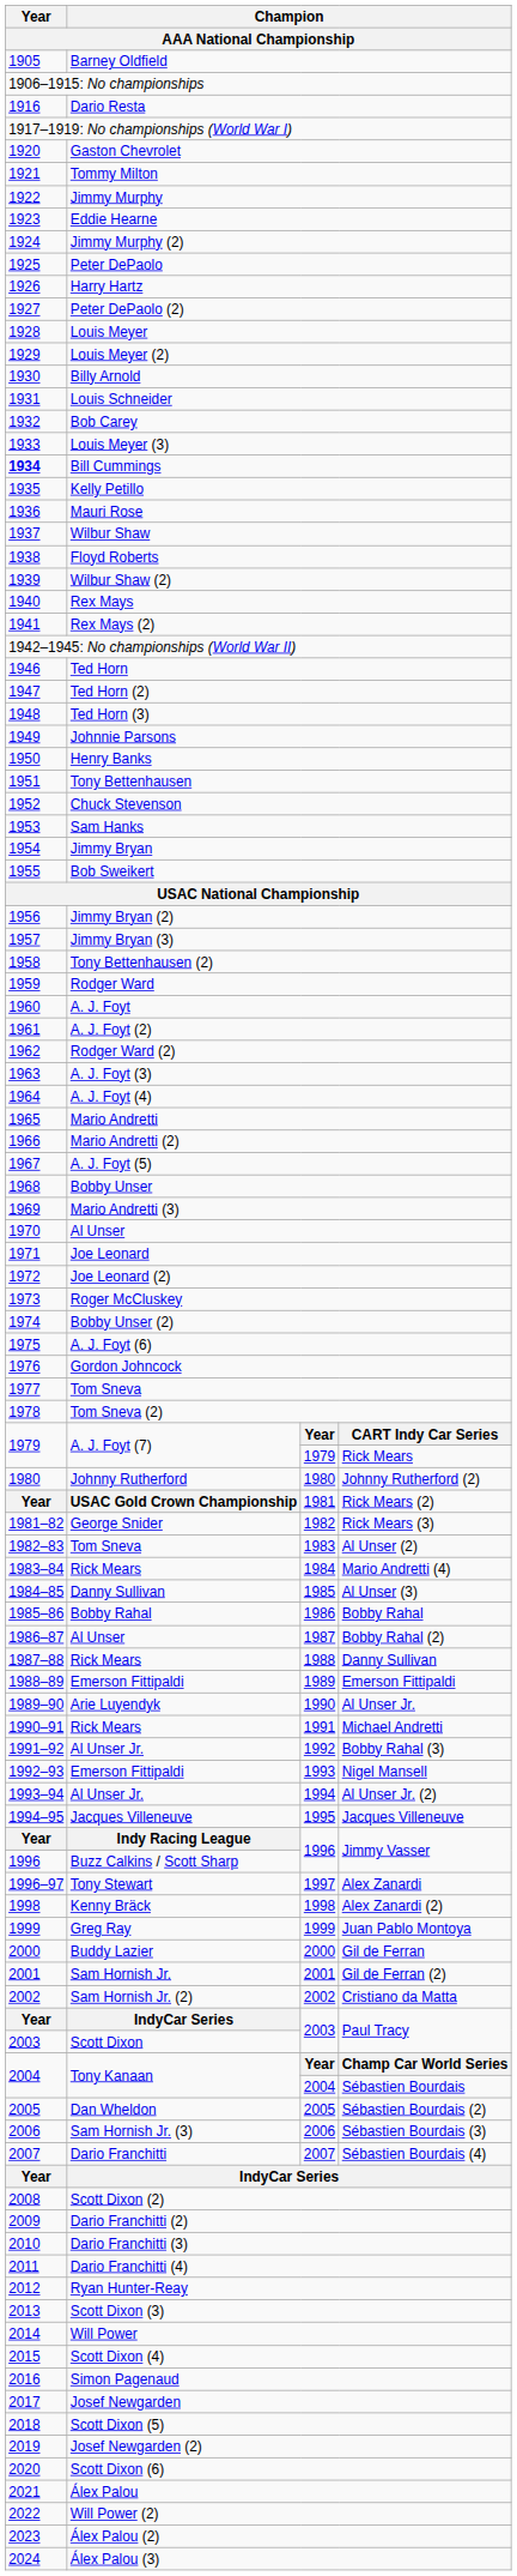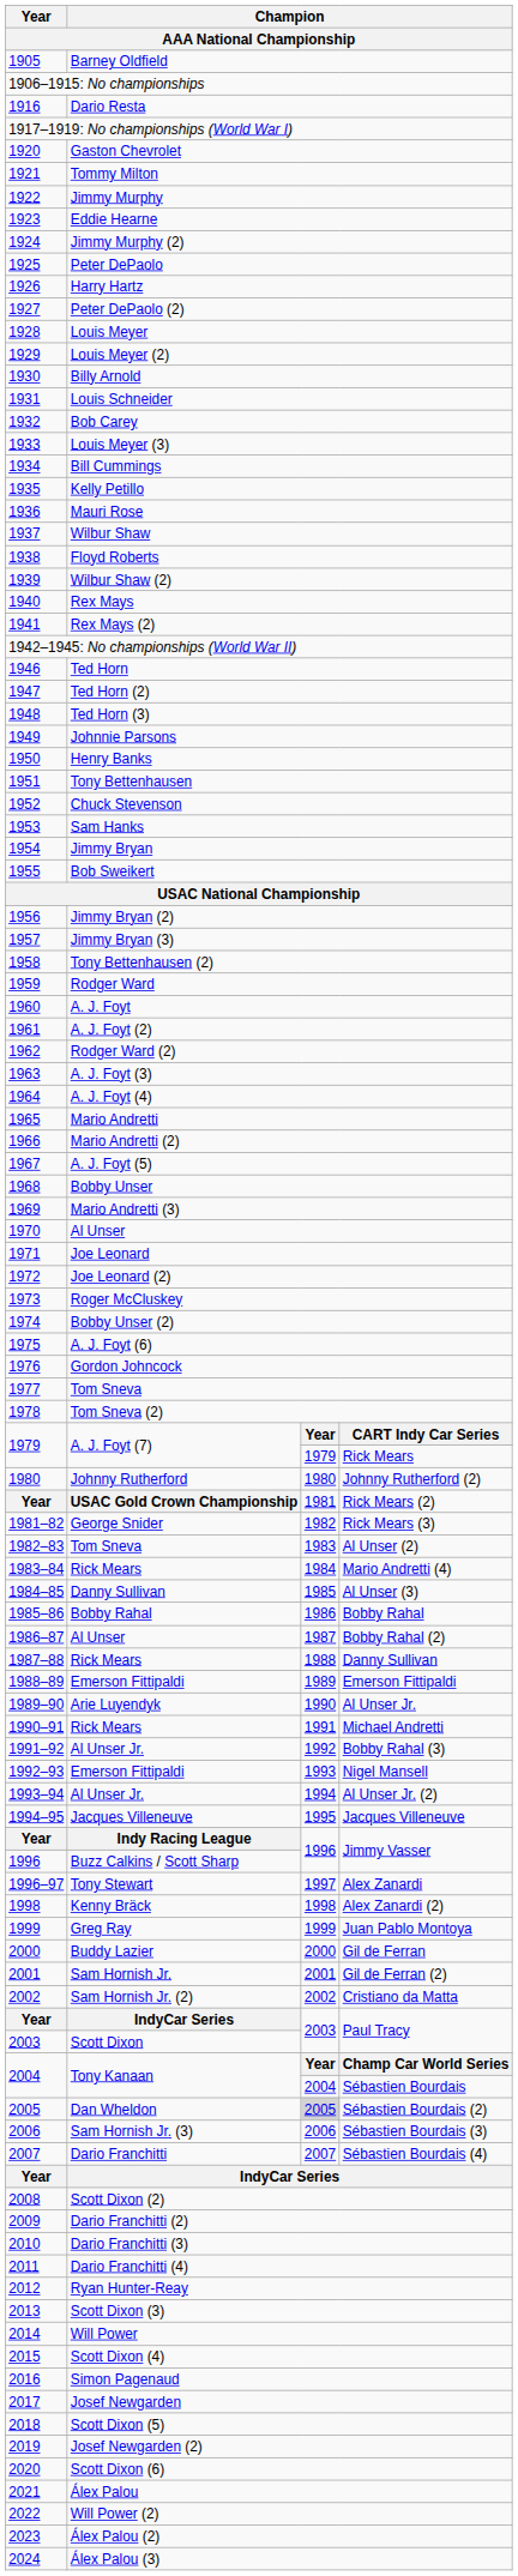 <table class="wikitable" style="font-size:95%;">
 <tr>
 <th>Year</th>
 <th colspan=3>Champion</th>
 </tr>
 <tr>
 <th colspan=4>AAA National Championship</th>
 </tr>
 <tr>
 <td><a href='#'>1905</a></td>
 <td colspan=3>  <a href='#'>Barney Oldfield</a></td>
 </tr>
 <tr>
 <td colspan=4>1906–1915: <em>No championships</em></td>
 </tr>
 <tr>
 <td><a href='#'>1916</a></td>
 <td colspan=3> <a href='#'>Dario Resta</a></td>
 </tr>
 <tr>
 <td colspan=4>1917–1919: <em>No championships (<a href='#'>World War I</a>)</em></td>
 </tr>
 <tr>
 <td><a href='#'>1920</a></td>
 <td colspan=3> <a href='#'>Gaston Chevrolet</a></td>
 </tr>
 <tr>
 <td><a href='#'>1921</a></td>
 <td colspan=3> <a href='#'>Tommy Milton</a></td>
 </tr>
 <tr>
 <td><a href='#'>1922</a></td>
 <td colspan=3> <a href='#'>Jimmy Murphy</a></td>
 </tr>
 <tr>
 <td><a href='#'>1923</a></td>
 <td colspan=3> <a href='#'>Eddie Hearne</a></td>
 </tr>
 <tr>
 <td><a href='#'>1924</a></td>
 <td colspan=3> <a href='#'>Jimmy Murphy</a> (2)</td>
 </tr>
 <tr>
 <td><a href='#'>1925</a></td>
 <td colspan=3> <a href='#'>Peter DePaolo</a></td>
 </tr>
 <tr>
 <td><a href='#'>1926</a></td>
 <td colspan=3> <a href='#'>Harry Hartz</a></td>
 </tr>
 <tr>
 <td><a href='#'>1927</a></td>
 <td colspan=3> <a href='#'>Peter DePaolo</a> (2)</td>
 </tr>
 <tr>
 <td><a href='#'>1928</a></td>
 <td colspan=3> <a href='#'>Louis Meyer</a></td>
 </tr>
 <tr>
 <td><a href='#'>1929</a></td>
 <td colspan=3> <a href='#'>Louis Meyer</a> (2)</td>
 </tr>
 <tr>
 <td><a href='#'>1930</a></td>
 <td colspan=3> <a href='#'>Billy Arnold</a></td>
 </tr>
 <tr>
 <td><a href='#'>1931</a></td>
 <td colspan=3> <a href='#'>Louis Schneider</a></td>
 </tr>
 <tr>
 <td><a href='#'>1932</a></td>
 <td colspan=3> <a href='#'>Bob Carey</a></td>
 </tr>
 <tr>
 <td><a href='#'>1933</a></td>
 <td colspan=3> <a href='#'>Louis Meyer</a> (3)</td>
 </tr>
 <tr>
-<td><strong><a href='#'>1934</a></strong></td>
+<td><a href='#'>1934</a></td>
 <td colspan=3> <a href='#'>Bill Cummings</a></td>
 </tr>
 <tr>
 <td><a href='#'>1935</a></td>
 <td colspan=3> <a href='#'>Kelly Petillo</a></td>
 </tr>
 <tr>
 <td><a href='#'>1936</a></td>
 <td colspan=3> <a href='#'>Mauri Rose</a></td>
 </tr>
 <tr>
 <td><a href='#'>1937</a></td>
 <td colspan=3> <a href='#'>Wilbur Shaw</a></td>
 </tr>
 <tr>
 <td><a href='#'>1938</a></td>
 <td colspan=3> <a href='#'>Floyd Roberts</a></td>
 </tr>
 <tr>
 <td><a href='#'>1939</a></td>
 <td colspan=3> <a href='#'>Wilbur Shaw</a> (2)</td>
 </tr>
 <tr>
 <td><a href='#'>1940</a></td>
 <td colspan=3> <a href='#'>Rex Mays</a></td>
 </tr>
 <tr>
 <td><a href='#'>1941</a></td>
 <td colspan=3> <a href='#'>Rex Mays</a> (2)</td>
 </tr>
 <tr>
 <td colspan=4>1942–1945: <em>No championships (<a href='#'>World War II</a>)</em></td>
 </tr>
 <tr>
 <td><a href='#'>1946</a></td>
 <td colspan=3> <a href='#'>Ted Horn</a></td>
 </tr>
 <tr>
 <td><a href='#'>1947</a></td>
 <td colspan=3> <a href='#'>Ted Horn</a> (2)</td>
 </tr>
 <tr>
 <td><a href='#'>1948</a></td>
 <td colspan=3> <a href='#'>Ted Horn</a> (3)</td>
 </tr>
 <tr>
 <td><a href='#'>1949</a></td>
 <td colspan=3> <a href='#'>Johnnie Parsons</a></td>
 </tr>
 <tr>
 <td><a href='#'>1950</a></td>
 <td colspan=3> <a href='#'>Henry Banks</a></td>
 </tr>
 <tr>
 <td><a href='#'>1951</a></td>
 <td colspan=3> <a href='#'>Tony Bettenhausen</a></td>
 </tr>
 <tr>
 <td><a href='#'>1952</a></td>
 <td colspan=3> <a href='#'>Chuck Stevenson</a></td>
 </tr>
 <tr>
 <td><a href='#'>1953</a></td>
 <td colspan=3> <a href='#'>Sam Hanks</a></td>
 </tr>
 <tr>
 <td><a href='#'>1954</a></td>
 <td colspan=3> <a href='#'>Jimmy Bryan</a></td>
 </tr>
 <tr>
 <td><a href='#'>1955</a></td>
 <td colspan=3> <a href='#'>Bob Sweikert</a></td>
 </tr>
 <tr>
 <th colspan=4>USAC National Championship</th>
 </tr>
 <tr>
 <td><a href='#'>1956</a></td>
 <td colspan=3> <a href='#'>Jimmy Bryan</a> (2)</td>
 </tr>
 <tr>
 <td><a href='#'>1957</a></td>
 <td colspan=3> <a href='#'>Jimmy Bryan</a> (3)</td>
 </tr>
 <tr>
 <td><a href='#'>1958</a></td>
 <td colspan=3> <a href='#'>Tony Bettenhausen</a> (2)</td>
 </tr>
 <tr>
 <td><a href='#'>1959</a></td>
 <td colspan=3> <a href='#'>Rodger Ward</a></td>
 </tr>
 <tr>
 <td><a href='#'>1960</a></td>
 <td colspan=3> <a href='#'>A. J. Foyt</a></td>
 </tr>
 <tr>
 <td><a href='#'>1961</a></td>
 <td colspan=3> <a href='#'>A. J. Foyt</a> (2)</td>
 </tr>
 <tr>
 <td><a href='#'>1962</a></td>
 <td colspan=3> <a href='#'>Rodger Ward</a> (2)</td>
 </tr>
 <tr>
 <td><a href='#'>1963</a></td>
 <td colspan=3> <a href='#'>A. J. Foyt</a> (3)</td>
 </tr>
 <tr>
 <td><a href='#'>1964</a></td>
 <td colspan=3> <a href='#'>A. J. Foyt</a> (4)</td>
 </tr>
 <tr>
 <td><a href='#'>1965</a></td>
 <td colspan=3> <a href='#'>Mario Andretti</a></td>
 </tr>
 <tr>
 <td><a href='#'>1966</a></td>
 <td colspan=3> <a href='#'>Mario Andretti</a> (2)</td>
 </tr>
 <tr>
 <td><a href='#'>1967</a></td>
 <td colspan=3> <a href='#'>A. J. Foyt</a> (5)</td>
 </tr>
 <tr>
 <td><a href='#'>1968</a></td>
 <td colspan=3> <a href='#'>Bobby Unser</a></td>
 </tr>
 <tr>
 <td><a href='#'>1969</a></td>
 <td colspan=3> <a href='#'>Mario Andretti</a> (3)</td>
 </tr>
 <tr>
 <td><a href='#'>1970</a></td>
 <td colspan=3> <a href='#'>Al Unser</a></td>
 </tr>
 <tr>
 <td><a href='#'>1971</a></td>
 <td colspan=3> <a href='#'>Joe Leonard</a></td>
 </tr>
 <tr>
 <td><a href='#'>1972</a></td>
 <td colspan=3> <a href='#'>Joe Leonard</a> (2)</td>
 </tr>
 <tr>
 <td><a href='#'>1973</a></td>
 <td colspan=3> <a href='#'>Roger McCluskey</a></td>
 </tr>
 <tr>
 <td><a href='#'>1974</a></td>
 <td colspan=3> <a href='#'>Bobby Unser</a> (2)</td>
 </tr>
 <tr>
 <td><a href='#'>1975</a></td>
 <td colspan=3> <a href='#'>A. J. Foyt</a> (6)</td>
 </tr>
 <tr>
 <td><a href='#'>1976</a></td>
 <td colspan=3> <a href='#'>Gordon Johncock</a></td>
 </tr>
 <tr>
 <td><a href='#'>1977</a></td>
 <td colspan=3> <a href='#'>Tom Sneva</a></td>
 </tr>
 <tr>
 <td><a href='#'>1978</a></td>
 <td colspan=3> <a href='#'>Tom Sneva</a> (2)</td>
 </tr>
 <tr>
 <td rowspan=2><a href='#'>1979</a></td>
 <td rowspan=2> <a href='#'>A. J. Foyt</a> (7)</td>
 <th>Year</th>
 <th>CART Indy Car Series</th>
 </tr>
 <tr>
 <td><a href='#'>1979</a></td>
 <td> <a href='#'>Rick Mears</a></td>
 </tr>
 <tr>
 <td><a href='#'>1980</a></td>
 <td> <a href='#'>Johnny Rutherford</a></td>
 <td><a href='#'>1980</a></td>
 <td> <a href='#'>Johnny Rutherford</a> (2)</td>
 </tr>
 <tr>
 <th>Year</th>
 <th>USAC Gold Crown Championship</th>
 <td><a href='#'>1981</a></td>
 <td> <a href='#'>Rick Mears</a> (2)</td>
 </tr>
 <tr>
 <td><a href='#'>1981–82</a></td>
 <td> <a href='#'>George Snider</a></td>
 <td><a href='#'>1982</a></td>
 <td> <a href='#'>Rick Mears</a> (3)</td>
 </tr>
 <tr>
 <td><a href='#'>1982–83</a></td>
 <td> <a href='#'>Tom Sneva</a></td>
 <td><a href='#'>1983</a></td>
 <td> <a href='#'>Al Unser</a> (2)</td>
 </tr>
 <tr>
 <td><a href='#'>1983–84</a></td>
 <td> <a href='#'>Rick Mears</a></td>
 <td><a href='#'>1984</a></td>
 <td> <a href='#'>Mario Andretti</a> (4)</td>
 </tr>
 <tr>
 <td><a href='#'>1984–85</a></td>
 <td> <a href='#'>Danny Sullivan</a></td>
 <td><a href='#'>1985</a></td>
 <td> <a href='#'>Al Unser</a> (3)</td>
 </tr>
 <tr>
 <td><a href='#'>1985–86</a></td>
 <td> <a href='#'>Bobby Rahal</a></td>
 <td><a href='#'>1986</a></td>
 <td> <a href='#'>Bobby Rahal</a></td>
 </tr>
 <tr>
 <td><a href='#'>1986–87</a></td>
 <td> <a href='#'>Al Unser</a></td>
 <td><a href='#'>1987</a></td>
 <td> <a href='#'>Bobby Rahal</a> (2)</td>
 </tr>
 <tr>
 <td><a href='#'>1987–88</a></td>
 <td> <a href='#'>Rick Mears</a></td>
 <td><a href='#'>1988</a></td>
 <td> <a href='#'>Danny Sullivan</a></td>
 </tr>
 <tr>
 <td><a href='#'>1988–89</a></td>
 <td> <a href='#'>Emerson Fittipaldi</a></td>
 <td><a href='#'>1989</a></td>
 <td> <a href='#'>Emerson Fittipaldi</a></td>
 </tr>
 <tr>
 <td><a href='#'>1989–90</a></td>
 <td> <a href='#'>Arie Luyendyk</a></td>
 <td><a href='#'>1990</a></td>
 <td> <a href='#'>Al Unser Jr.</a></td>
 </tr>
 <tr>
 <td><a href='#'>1990–91</a></td>
 <td> <a href='#'>Rick Mears</a></td>
 <td><a href='#'>1991</a></td>
 <td> <a href='#'>Michael Andretti</a></td>
 </tr>
 <tr>
 <td><a href='#'>1991–92</a></td>
 <td> <a href='#'>Al Unser Jr.</a></td>
 <td><a href='#'>1992</a></td>
 <td> <a href='#'>Bobby Rahal</a> (3)</td>
 </tr>
 <tr>
 <td><a href='#'>1992–93</a></td>
 <td> <a href='#'>Emerson Fittipaldi</a></td>
 <td><a href='#'>1993</a></td>
 <td> <a href='#'>Nigel Mansell</a></td>
 </tr>
 <tr>
 <td><a href='#'>1993–94</a></td>
 <td> <a href='#'>Al Unser Jr.</a></td>
 <td><a href='#'>1994</a></td>
 <td> <a href='#'>Al Unser Jr.</a> (2)</td>
 </tr>
 <tr>
 <td><a href='#'>1994–95</a></td>
 <td> <a href='#'>Jacques Villeneuve</a></td>
 <td><a href='#'>1995</a></td>
 <td> <a href='#'>Jacques Villeneuve</a></td>
 </tr>
 <tr>
 <th>Year</th>
 <th>Indy Racing League</th>
 <td rowspan=2><a href='#'>1996</a></td>
 <td rowspan=2> <a href='#'>Jimmy Vasser</a></td>
 </tr>
 <tr>
 <td><a href='#'>1996</a></td>
 <td> <a href='#'>Buzz Calkins</a> / <a href='#'>Scott Sharp</a></td>
 </tr>
 <tr>
 <td><a href='#'>1996–97</a></td>
 <td> <a href='#'>Tony Stewart</a></td>
 <td><a href='#'>1997</a></td>
 <td> <a href='#'>Alex Zanardi</a></td>
 </tr>
 <tr>
 <td><a href='#'>1998</a></td>
 <td> <a href='#'>Kenny Bräck</a></td>
 <td><a href='#'>1998</a></td>
 <td> <a href='#'>Alex Zanardi</a> (2)</td>
 </tr>
 <tr>
 <td><a href='#'>1999</a></td>
 <td> <a href='#'>Greg Ray</a></td>
 <td><a href='#'>1999</a></td>
 <td> <a href='#'>Juan Pablo Montoya</a></td>
 </tr>
 <tr>
 <td><a href='#'>2000</a></td>
 <td> <a href='#'>Buddy Lazier</a></td>
 <td><a href='#'>2000</a></td>
 <td> <a href='#'>Gil de Ferran</a></td>
 </tr>
 <tr>
 <td><a href='#'>2001</a></td>
 <td> <a href='#'>Sam Hornish Jr.</a></td>
 <td><a href='#'>2001</a></td>
 <td> <a href='#'>Gil de Ferran</a> (2)</td>
 </tr>
 <tr>
 <td><a href='#'>2002</a></td>
 <td> <a href='#'>Sam Hornish Jr.</a> (2)</td>
 <td><a href='#'>2002</a></td>
 <td> <a href='#'>Cristiano da Matta</a></td>
 </tr>
 <tr>
 <th>Year</th>
 <th>IndyCar Series</th>
 <td rowspan=2><a href='#'>2003</a></td>
 <td rowspan=2> <a href='#'>Paul Tracy</a></td>
 </tr>
 <tr>
 <td><a href='#'>2003</a></td>
 <td> <a href='#'>Scott Dixon</a></td>
 </tr>
 <tr>
 <td rowspan=2><a href='#'>2004</a></td>
 <td rowspan=2> <a href='#'>Tony Kanaan</a></td>
 <th>Year</th>
 <th>Champ Car World Series</th>
 </tr>
 <tr>
 <td><a href='#'>2004</a></td>
 <td> <a href='#'>Sébastien Bourdais</a></td>
 </tr>
 <tr>
 <td><a href='#'>2005</a></td>
 <td> <a href='#'>Dan Wheldon</a></td>
-<td><a href='#'>2005</a></td>
+<td style="background: lightgrey;"><a href='#'>2005</a></td>
 <td> <a href='#'>Sébastien Bourdais</a> (2)</td>
 </tr>
 <tr>
 <td><a href='#'>2006</a></td>
 <td> <a href='#'>Sam Hornish Jr.</a> (3)</td>
 <td><a href='#'>2006</a></td>
 <td> <a href='#'>Sébastien Bourdais</a> (3)</td>
 </tr>
 <tr>
 <td><a href='#'>2007</a></td>
 <td> <a href='#'>Dario Franchitti</a></td>
 <td><a href='#'>2007</a></td>
 <td> <a href='#'>Sébastien Bourdais</a> (4)</td>
 </tr>
 <tr>
 <th>Year</th>
 <th colspan=3>IndyCar Series</th>
 </tr>
 <tr>
 <td><a href='#'>2008</a></td>
 <td colspan=3> <a href='#'>Scott Dixon</a> (2)</td>
 </tr>
 <tr>
 <td><a href='#'>2009</a></td>
 <td colspan=3> <a href='#'>Dario Franchitti</a> (2)</td>
 </tr>
 <tr>
 <td><a href='#'>2010</a></td>
 <td colspan=3> <a href='#'>Dario Franchitti</a> (3)</td>
 </tr>
 <tr>
 <td><a href='#'>2011</a></td>
 <td colspan=3> <a href='#'>Dario Franchitti</a> (4)</td>
 </tr>
 <tr>
 <td><a href='#'>2012</a></td>
 <td colspan=3> <a href='#'>Ryan Hunter-Reay</a></td>
 </tr>
 <tr>
 <td><a href='#'>2013</a></td>
 <td colspan=3> <a href='#'>Scott Dixon</a> (3)</td>
 </tr>
 <tr>
 <td><a href='#'>2014</a></td>
 <td colspan=3> <a href='#'>Will Power</a></td>
 </tr>
 <tr>
 <td><a href='#'>2015</a></td>
 <td colspan=3> <a href='#'>Scott Dixon</a> (4)</td>
 </tr>
 <tr>
 <td><a href='#'>2016</a></td>
 <td colspan=3> <a href='#'>Simon Pagenaud</a></td>
 </tr>
 <tr>
 <td><a href='#'>2017</a></td>
 <td colspan=3> <a href='#'>Josef Newgarden</a></td>
 </tr>
 <tr>
 <td><a href='#'>2018</a></td>
 <td colspan=3> <a href='#'>Scott Dixon</a> (5)</td>
 </tr>
 <tr>
 <td><a href='#'>2019</a></td>
 <td colspan=3> <a href='#'>Josef Newgarden</a> (2)</td>
 </tr>
 <tr>
 <td><a href='#'>2020</a></td>
 <td colspan=3> <a href='#'>Scott Dixon</a> (6)</td>
 </tr>
 <tr>
 <td><a href='#'>2021</a></td>
 <td colspan=3> <a href='#'>Álex Palou</a></td>
 </tr>
 <tr>
 <td><a href='#'>2022</a></td>
 <td colspan=3> <a href='#'>Will Power</a> (2)</td>
 </tr>
 <tr>
 <td><a href='#'>2023</a></td>
 <td colspan=3> <a href='#'>Álex Palou</a> (2)</td>
 </tr>
 <tr>
 <td><a href='#'>2024</a></td>
 <td colspan=3> <a href='#'>Álex Palou</a> (3)</td>
 </tr>
 </table>
